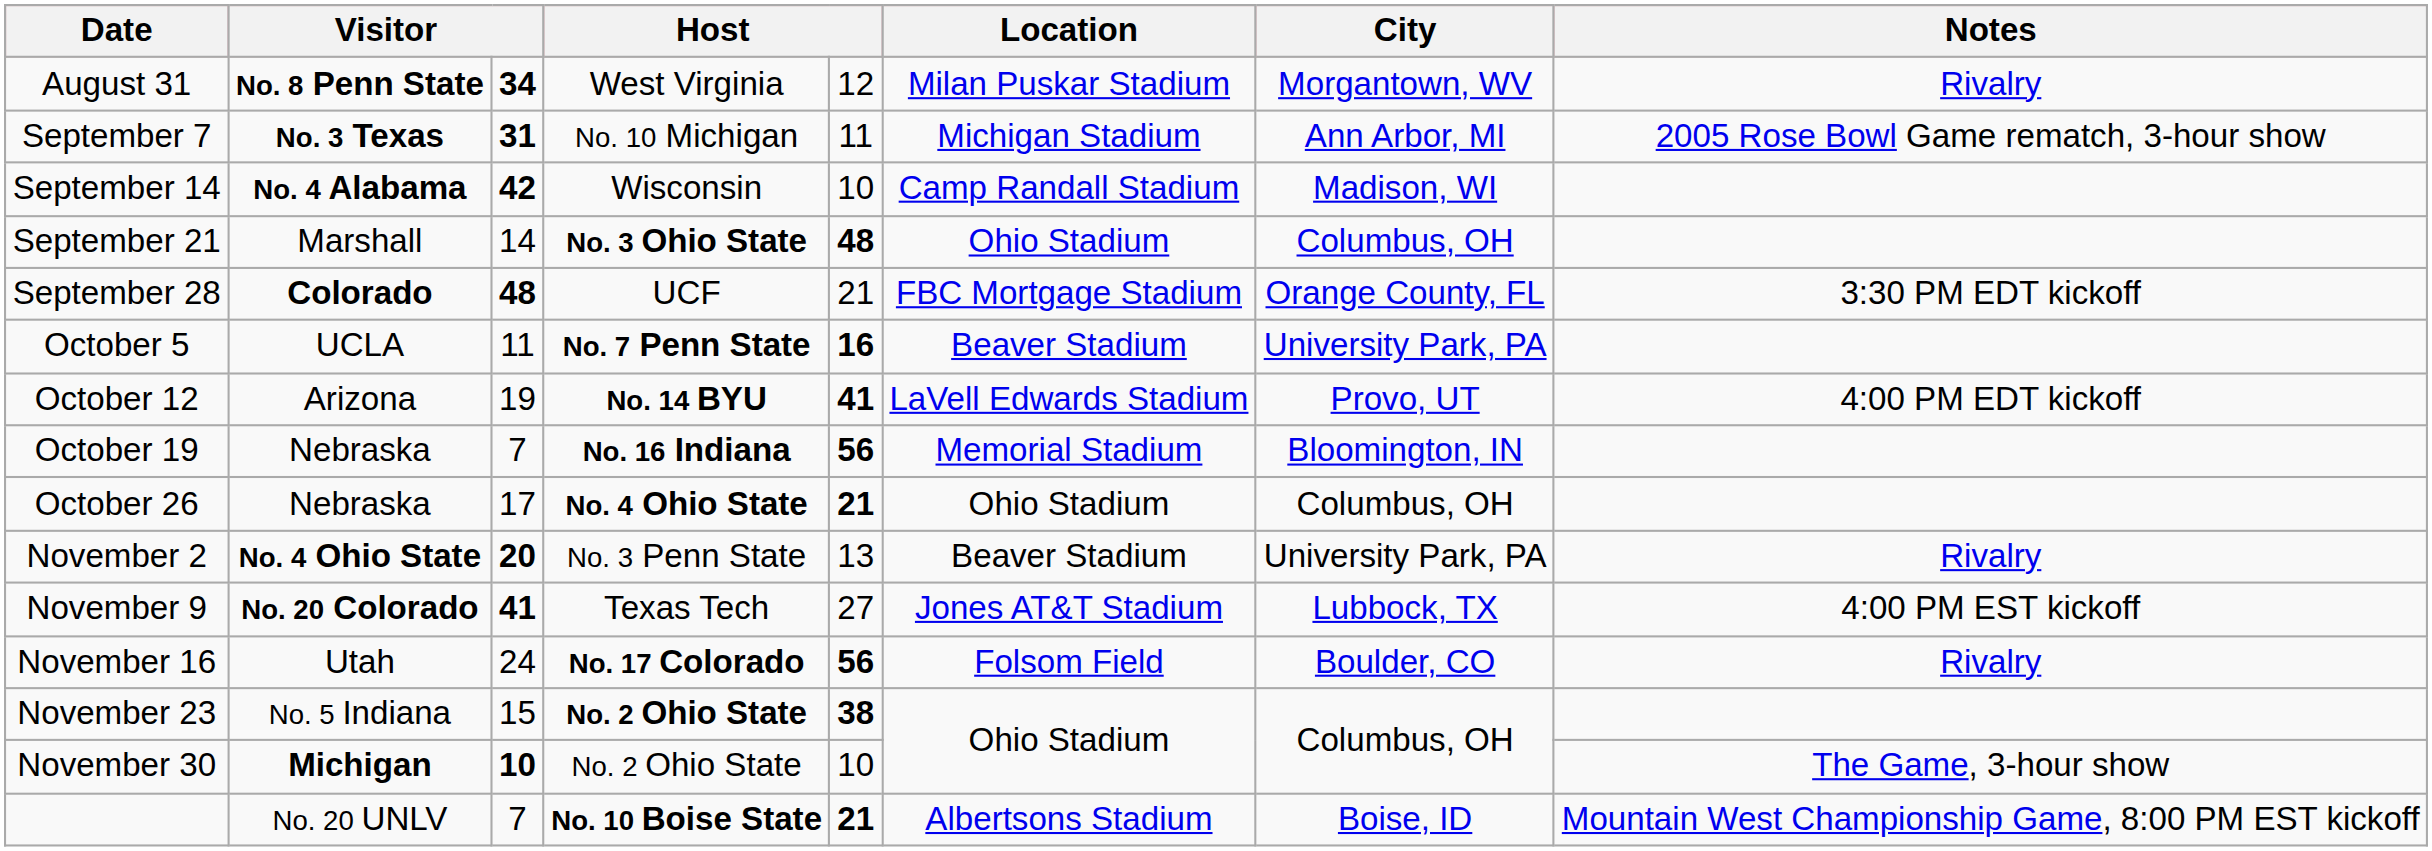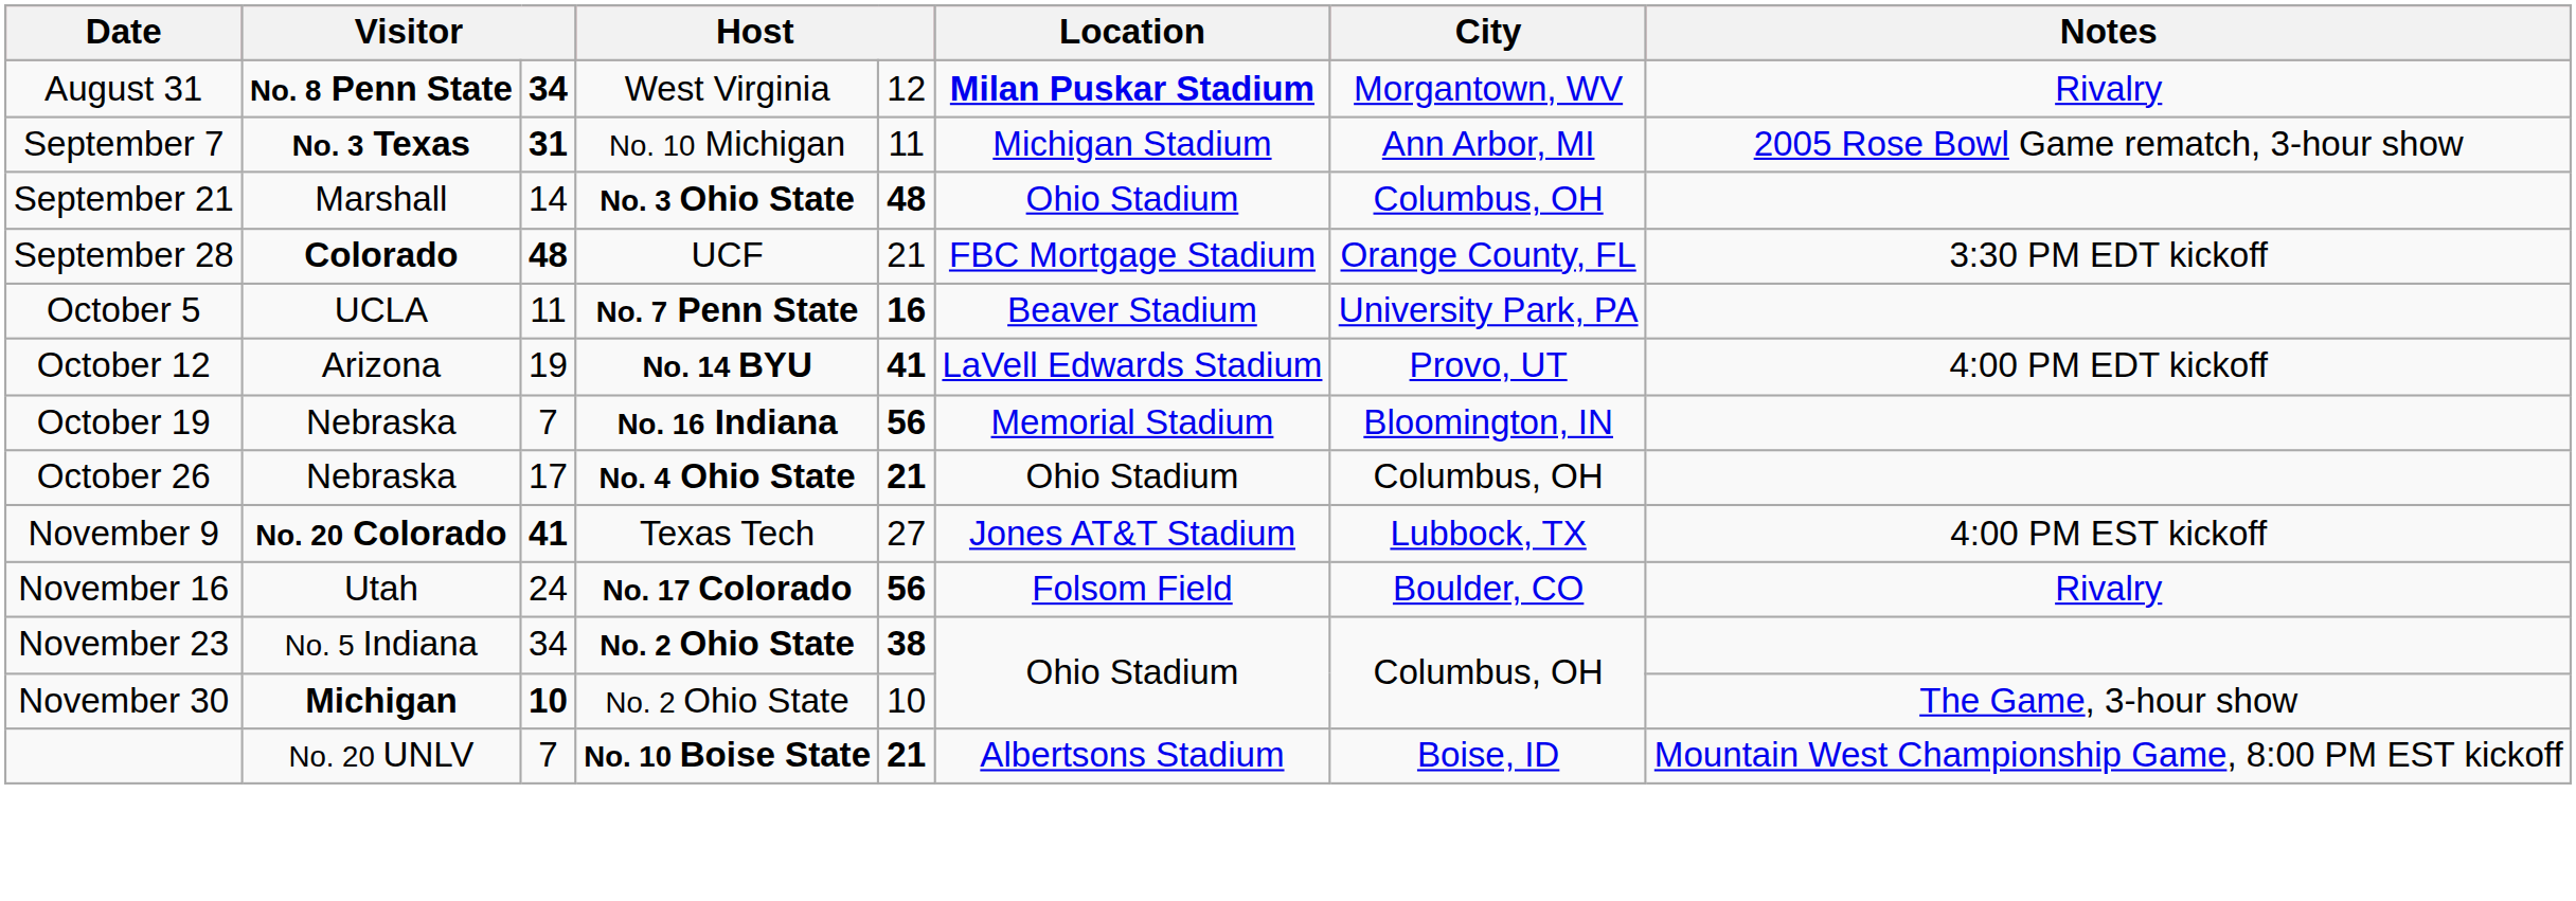 <table class="wikitable" style="text-align:center">
 <tr style="background:#A32638;"|>
 <th>Date</th>
 <th colspan=2>Visitor</th>
 <th colspan=2>Host</th>
 <th>Location</th>
 <th>City</th>
 <th>Notes</th>
 </tr>
 <tr>
 <td>August 31</td>
 <td><strong><small>No. 8</small> Penn State</strong></td>
 <td><strong>34</strong></td>
 <td>West Virginia</td>
 <td>12</td>
-<td><a href='#'>Milan Puskar Stadium</a></td>
+<td><strong><a href='#'>Milan Puskar Stadium</a></strong></td>
 <td><a href='#'>Morgantown, WV</a></td>
 <td><a href='#'>Rivalry</a></td>
 </tr>
 <tr>
 <td>September 7</td>
 <td><strong><small>No. 3</small> Texas</strong></td>
 <td><strong>31</strong></td>
 <td><small>No. 10</small> Michigan</td>
 <td>11</td>
 <td><a href='#'>Michigan Stadium</a></td>
 <td><a href='#'>Ann Arbor, MI</a></td>
 <td><a href='#'>2005 Rose Bowl</a> Game rematch, 3-hour show</td>
-</tr>
-<tr>
-<td>September 14</td>
-<td><strong><small>No. 4 </small>Alabama</strong></td>
-<td><strong>42</strong></td>
-<td>Wisconsin</td>
-<td>10</td>
-<td><a href='#'>Camp Randall Stadium</a></td>
-<td><a href='#'>Madison, WI</a></td>
-<td></td>
 </tr>
 <tr>
 <td>September 21</td>
 <td>Marshall</td>
 <td>14</td>
 <td><strong><small>No. 3 </small> Ohio State</strong></td>
 <td><strong>48</strong></td>
 <td><a href='#'>Ohio Stadium</a></td>
 <td><a href='#'>Columbus, OH</a></td>
 <td></td>
 </tr>
 <tr>
 <td>September 28</td>
 <td><strong>Colorado</strong></td>
 <td><strong>48</strong></td>
 <td>UCF</td>
 <td>21</td>
 <td><a href='#'>FBC Mortgage Stadium</a></td>
 <td><a href='#'>Orange County, FL</a></td>
 <td>3:30 PM EDT kickoff</td>
 </tr>
 <tr>
 <td>October 5</td>
 <td>UCLA</td>
 <td>11</td>
 <td><strong><small>No. 7</small> Penn State</strong></td>
 <td><strong>16</strong></td>
 <td><a href='#'>Beaver Stadium</a></td>
 <td><a href='#'>University Park, PA</a></td>
 <td></td>
 </tr>
 <tr>
 <td>October 12</td>
 <td>Arizona</td>
 <td>19</td>
 <td><strong><small>No. 14 </small> BYU</strong></td>
 <td><strong>41</strong></td>
 <td><a href='#'>LaVell Edwards Stadium</a></td>
 <td><a href='#'>Provo, UT</a></td>
 <td>4:00 PM EDT kickoff</td>
 </tr>
 <tr>
 <td>October 19</td>
 <td>Nebraska</td>
 <td>7</td>
 <td><strong><small> No. 16</small> Indiana</strong></td>
 <td><strong>56</strong></td>
 <td><a href='#'>Memorial Stadium</a></td>
 <td><a href='#'>Bloomington, IN</a></td>
 <td></td>
 </tr>
 <tr>
 <td>October 26</td>
 <td>Nebraska</td>
 <td>17</td>
 <td><strong><small>No. 4</small> Ohio State</strong></td>
 <td><strong>21</strong></td>
 <td>Ohio Stadium</td>
 <td>Columbus, OH</td>
 <td></td>
 </tr>
 <tr>
-<td>November 2</td>
-<td><strong><small>No. 4</small> Ohio State</strong></td>
-<td><strong>20</strong></td>
-<td><small>No. 3</small> Penn State</td>
-<td>13</td>
-<td>Beaver Stadium</td>
-<td>University Park, PA</td>
-<td><a href='#'>Rivalry</a></td>
-</tr>
-<tr>
 <td>November 9</td>
 <td><strong><small>No. 20</small> Colorado</strong></td>
 <td><strong>41</strong></td>
 <td>Texas Tech</td>
 <td>27</td>
 <td><a href='#'>Jones AT&T Stadium</a></td>
 <td><a href='#'>Lubbock, TX</a></td>
 <td>4:00 PM EST kickoff</td>
 </tr>
 <tr>
 <td>November 16</td>
 <td>Utah</td>
 <td>24</td>
 <td><strong><small>No. 17 </small> Colorado</strong></td>
 <td><strong>56</strong></td>
 <td><a href='#'>Folsom Field</a></td>
 <td><a href='#'>Boulder, CO</a></td>
 <td><a href='#'>Rivalry</a></td>
 </tr>
 <tr>
 <td>November 23</td>
 <td><small>No. 5 </small> Indiana</td>
-<td>15</td>
+<td>34</td>
 <td><strong><small>No. 2 </small> Ohio State</strong></td>
 <td><strong>38</strong></td>
 <td rowspan="2">Ohio Stadium</td>
 <td rowspan="2">Columbus, OH</td>
 <td></td>
 </tr>
 <tr>
 <td>November 30</td>
 <td><strong>Michigan</strong></td>
 <td><strong>10</strong></td>
 <td><small>No. 2 </small> Ohio State</td>
 <td>10</td>
 <td><a href='#'>The Game</a>, 3-hour show</td>
 </tr>
 <tr>
 <td></td>
 <td><small>No. 20 </small> UNLV</td>
 <td>7</td>
 <td><strong><small>No. 10 </small> Boise State</strong></td>
 <td><strong>21</strong></td>
 <td><a href='#'>Albertsons Stadium</a></td>
 <td><a href='#'>Boise, ID</a></td>
 <td><a href='#'>Mountain West Championship Game</a>, 8:00 PM EST kickoff</td>
 </tr>
 </table>
